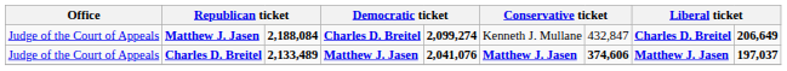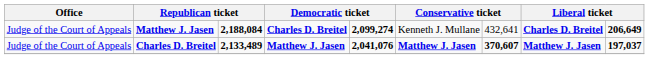 <table class=wikitable>
 <tr bgcolor=lightgrey>
 <th>Office</th>
 <th colspan="2" ><a href='#'>Republican</a> ticket</th>
 <th colspan="2" ><a href='#'>Democratic</a> ticket</th>
 <th colspan="2" ><a href='#'>Conservative</a> ticket</th>
 <th colspan="2" ><a href='#'>Liberal</a> ticket</th>
 </tr>
 <tr>
 <td><a href='#'>Judge of the Court of Appeals</a></td>
 <td><strong><a href='#'>Matthew J. Jasen</a></strong></td>
 <td align="right"><strong>2,188,084</strong></td>
 <td><strong><a href='#'>Charles D. Breitel</a></strong></td>
 <td align="right"><strong>2,099,274</strong></td>
 <td>Kenneth J. Mullane</td>
-<td align="right">432,847</td>
+<td align="right">432,641</td>
 <td><strong><a href='#'>Charles D. Breitel</a></strong></td>
 <td align="right"><strong>206,649</strong></td>
 </tr>
 <tr>
 <td><a href='#'>Judge of the Court of Appeals</a></td>
 <td><strong><a href='#'>Charles D. Breitel</a></strong></td>
 <td align="right"><strong>2,133,489</strong></td>
 <td><strong><a href='#'>Matthew J. Jasen</a></strong></td>
 <td align="right"><strong>2,041,076</strong></td>
 <td><strong><a href='#'>Matthew J. Jasen</a></strong></td>
-<td align="right"><strong>374,606</strong></td>
+<td align="right"><strong>370,607</strong></td>
 <td><strong><a href='#'>Matthew J. Jasen</a></strong></td>
 <td align="right"><strong>197,037</strong></td>
 </tr>
 <tr>
 </tr>
 </table>
